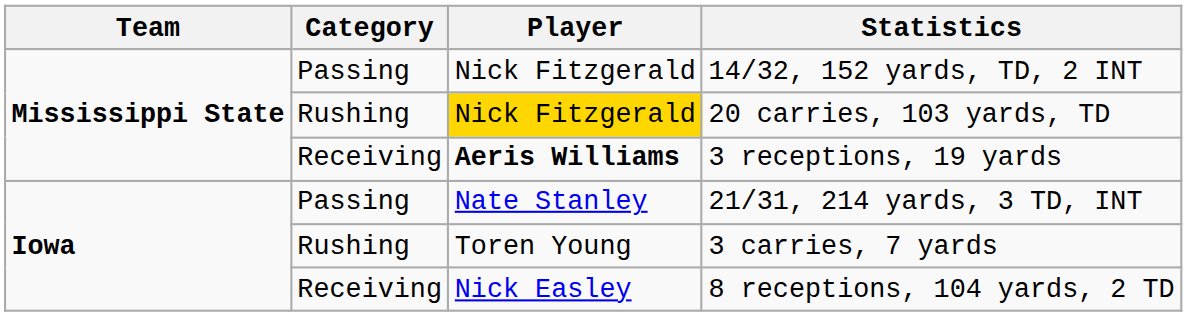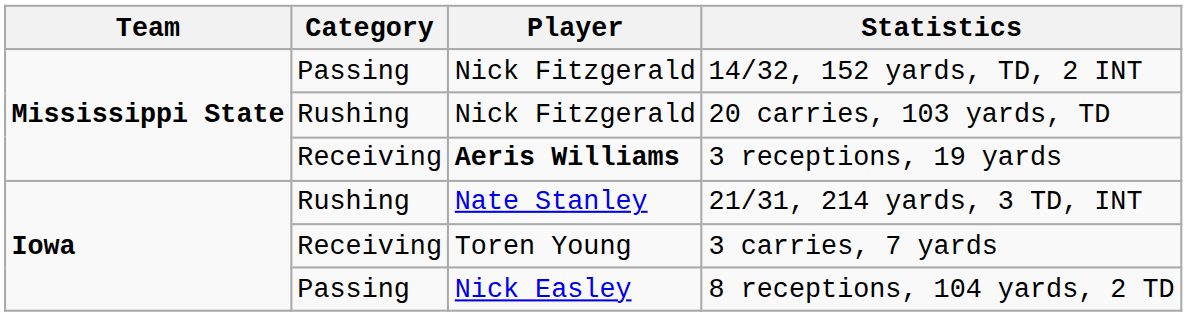 <table class="wikitable" style="float: left;">
 <tr>
 <th>Team</th>
 <th>Category</th>
 <th>Player</th>
 <th>Statistics</th>
 </tr>
 <tr>
 <td rowspan=3><strong>Mississippi State</strong></td>
 <td>Passing</td>
 <td>Nick Fitzgerald</td>
 <td>14/32, 152 yards, TD, 2 INT</td>
 </tr>
 <tr>
 <td>Rushing</td>
-<td style="background: gold;">Nick Fitzgerald</td>
+<td>Nick Fitzgerald</td>
 <td>20 carries, 103 yards, TD</td>
 </tr>
 <tr>
 <td>Receiving</td>
 <td><strong>Aeris Williams</strong></td>
 <td>3 receptions, 19 yards</td>
 </tr>
 <tr>
 <td rowspan=3><strong>Iowa</strong></td>
-<td>Passing</td>
+<td>Rushing</td>
 <td><a href='#'>Nate Stanley</a></td>
 <td>21/31, 214 yards, 3 TD, INT</td>
 </tr>
 <tr>
-<td>Rushing</td>
+<td>Receiving</td>
 <td>Toren Young</td>
 <td>3 carries, 7 yards</td>
 </tr>
 <tr>
-<td>Receiving</td>
+<td>Passing</td>
 <td><a href='#'>Nick Easley</a></td>
 <td>8 receptions, 104 yards, 2 TD</td>
 </tr>
 </table>
